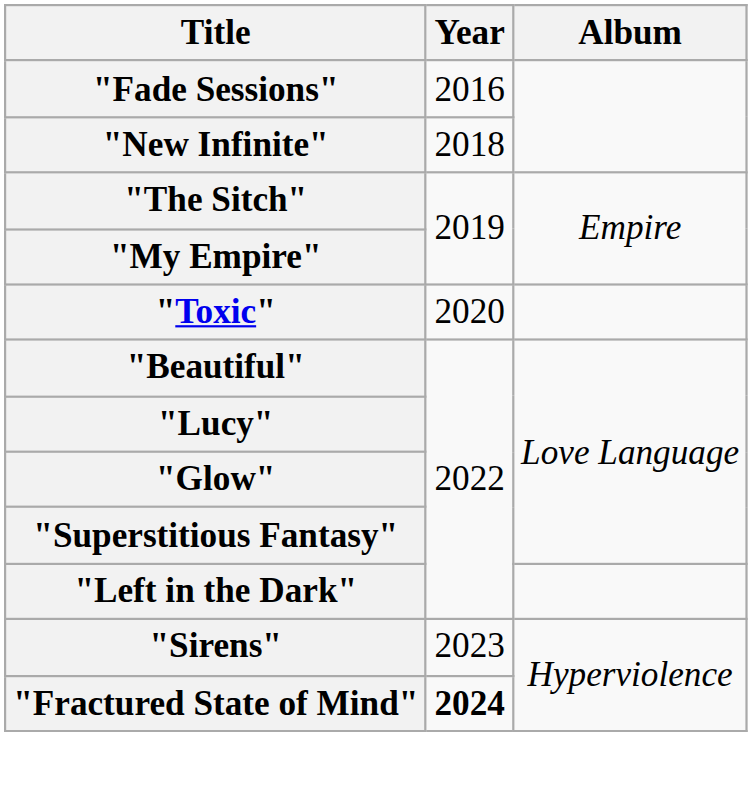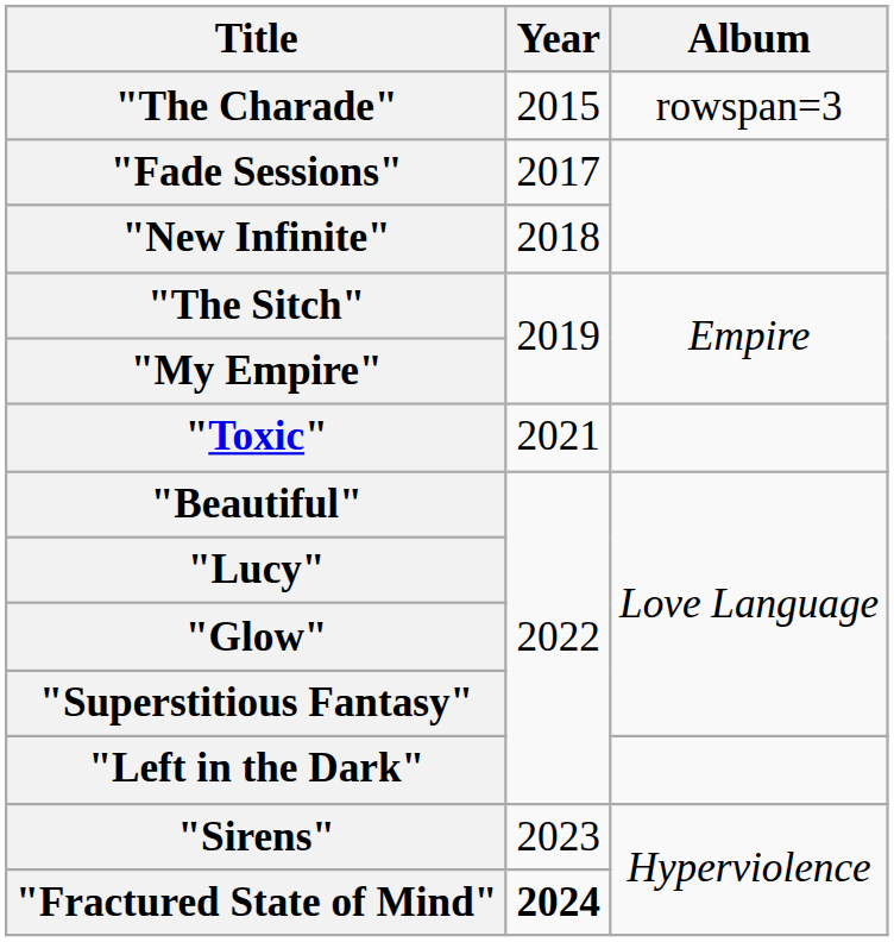 <table class="wikitable plainrowheaders" style="text-align:center;" border="1">
 <tr>
 <th scope="col">Title</th>
 <th scope="col">Year</th>
 <th scope="col">Album</th>
 </tr>
 <tr>
+<th scope="row">"The Charade"<br></th>
+<td>2015</td>
+<td>rowspan=3 </td>
+</tr>
+<tr>
 <th scope="row">"Fade Sessions"</th>
-<td>2016</td>
+<td>2017</td>
 </tr>
 <tr>
 <th scope="row">"New Infinite"</th>
 <td>2018</td>
 </tr>
 <tr>
 <th scope="row">"The Sitch"</th>
 <td rowspan="2">2019</td>
 <td rowspan="2"><em>Empire</em></td>
 </tr>
 <tr>
 <th scope="row">"My Empire"</th>
 </tr>
 <tr>
 <th scope="row">"<a href='#'>Toxic</a>"<br></th>
-<td>2020</td>
+<td>2021</td>
 <td></td>
 </tr>
 <tr>
 <th scope="row">"Beautiful"</th>
 <td rowspan="5">2022</td>
 <td rowspan="4"><em>Love Language</em></td>
 </tr>
 <tr>
 <th scope="row">"Lucy"</th>
 </tr>
 <tr>
 <th scope="row">"Glow"</th>
 </tr>
 <tr>
 <th scope="row">"Superstitious Fantasy"</th>
 </tr>
 <tr>
 <th scope="row">"Left in the Dark"</th>
 <td></td>
 </tr>
 <tr>
 <th scope="row">"Sirens"</th>
 <td>2023</td>
 <td rowspan="2"><em>Hyperviolence</em></td>
 </tr>
 <tr>
 <th scope="row">"Fractured State of Mind"</th>
 <td><strong>2024</strong></td>
 </tr>
 </table>
